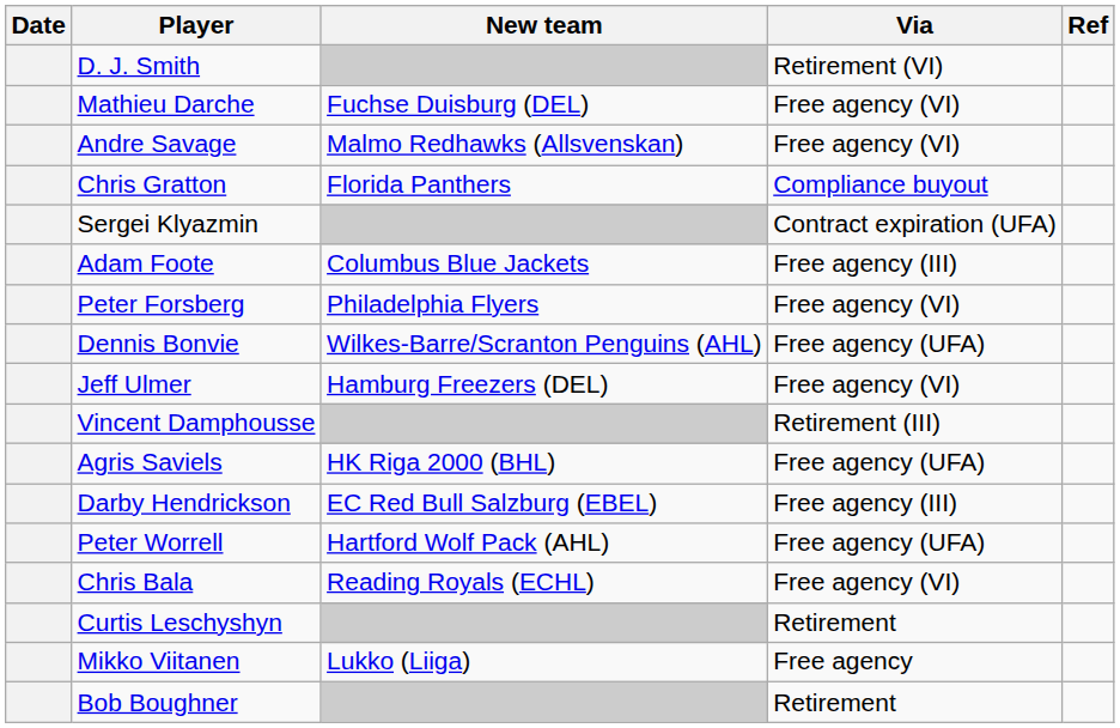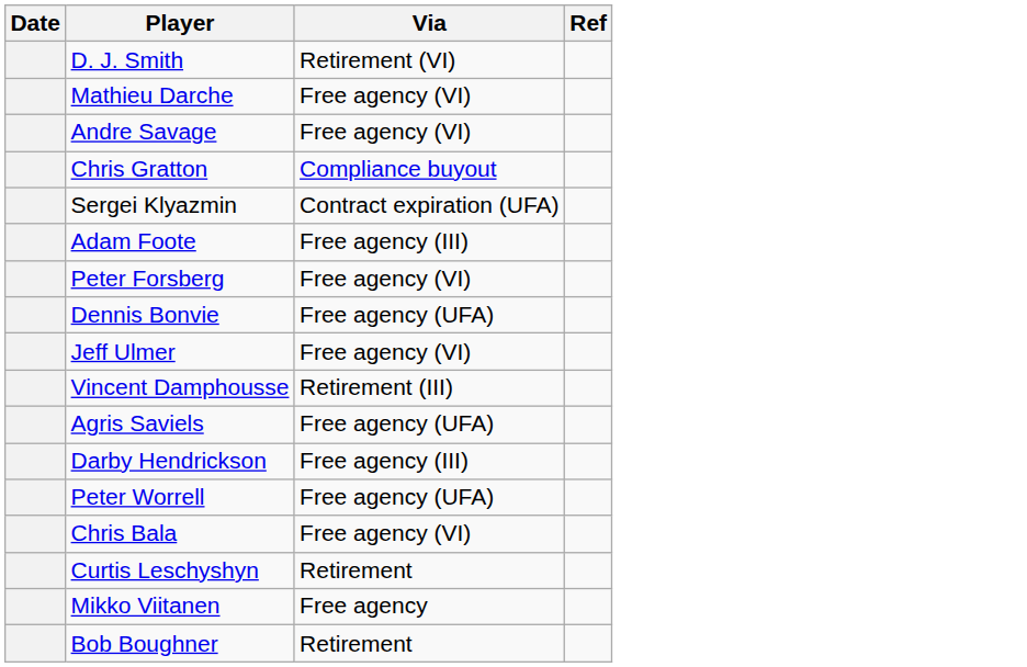 <table class="wikitable plainrowheaders">
 <tr style="background:#ddd; text-align:center;">
 <th>Date</th>
 <th>Player</th>
-<th>New team</th>
 <th>Via</th>
 <th>Ref</th>
 </tr>
 <tr>
 <th scope="row"></th>
 <td><a href='#'>D. J. Smith</a></td>
-<td style="background:#ccc"></td>
 <td>Retirement (VI)</td>
 <td></td>
 </tr>
 <tr>
 <th scope="row"></th>
 <td><a href='#'>Mathieu Darche</a></td>
-<td><a href='#'>Fuchse Duisburg</a> (<a href='#'>DEL</a>)</td>
 <td>Free agency (VI)</td>
 <td></td>
 </tr>
 <tr>
 <th scope="row"></th>
 <td><a href='#'>Andre Savage</a></td>
-<td><a href='#'>Malmo Redhawks</a> (<a href='#'>Allsvenskan</a>)</td>
 <td>Free agency (VI)</td>
 <td></td>
 </tr>
 <tr>
 <th scope="row"></th>
 <td><a href='#'>Chris Gratton</a></td>
-<td><a href='#'>Florida Panthers</a></td>
 <td><a href='#'>Compliance buyout</a></td>
 <td></td>
 </tr>
 <tr>
 <th scope="row"></th>
 <td>Sergei Klyazmin</td>
-<td style="background:#ccc"></td>
 <td>Contract expiration (UFA)</td>
 <td></td>
 </tr>
 <tr>
 <th scope="row"></th>
 <td><a href='#'>Adam Foote</a></td>
-<td><a href='#'>Columbus Blue Jackets</a></td>
 <td>Free agency (III)</td>
 <td></td>
 </tr>
 <tr>
 <th scope="row"></th>
 <td><a href='#'>Peter Forsberg</a></td>
-<td><a href='#'>Philadelphia Flyers</a></td>
 <td>Free agency (VI)</td>
 <td></td>
 </tr>
 <tr>
 <th scope="row"></th>
 <td><a href='#'>Dennis Bonvie</a></td>
-<td><a href='#'>Wilkes-Barre/Scranton Penguins</a> (<a href='#'>AHL</a>)</td>
 <td>Free agency (UFA)</td>
 <td></td>
 </tr>
 <tr>
 <th scope="row"></th>
 <td><a href='#'>Jeff Ulmer</a></td>
-<td><a href='#'>Hamburg Freezers</a> (DEL)</td>
 <td>Free agency (VI)</td>
 <td></td>
 </tr>
 <tr>
 <th scope="row"></th>
 <td><a href='#'>Vincent Damphousse</a></td>
-<td style="background:#ccc"></td>
 <td>Retirement (III)</td>
 <td></td>
 </tr>
 <tr>
 <th scope="row"></th>
 <td><a href='#'>Agris Saviels</a></td>
-<td><a href='#'>HK Riga 2000</a> (<a href='#'>BHL</a>)</td>
 <td>Free agency (UFA)</td>
 <td></td>
 </tr>
 <tr>
 <th scope="row"></th>
 <td><a href='#'>Darby Hendrickson</a></td>
-<td><a href='#'>EC Red Bull Salzburg</a> (<a href='#'>EBEL</a>)</td>
 <td>Free agency (III)</td>
 <td></td>
 </tr>
 <tr>
 <th scope="row"></th>
 <td><a href='#'>Peter Worrell</a></td>
-<td><a href='#'>Hartford Wolf Pack</a> (AHL)</td>
 <td>Free agency (UFA)</td>
 <td></td>
 </tr>
 <tr>
 <th scope="row"></th>
 <td><a href='#'>Chris Bala</a></td>
-<td><a href='#'>Reading Royals</a> (<a href='#'>ECHL</a>)</td>
 <td>Free agency (VI)</td>
 <td></td>
 </tr>
 <tr>
 <th scope="row"></th>
 <td><a href='#'>Curtis Leschyshyn</a></td>
-<td style="background:#ccc"></td>
 <td>Retirement</td>
 <td></td>
 </tr>
 <tr>
 <th scope="row"></th>
 <td><a href='#'>Mikko Viitanen</a></td>
-<td><a href='#'>Lukko</a> (<a href='#'>Liiga</a>)</td>
 <td>Free agency</td>
 <td></td>
 </tr>
 <tr>
 <th scope="row"></th>
 <td><a href='#'>Bob Boughner</a></td>
-<td style="background:#ccc"></td>
 <td>Retirement</td>
 <td></td>
 </tr>
 </table>
